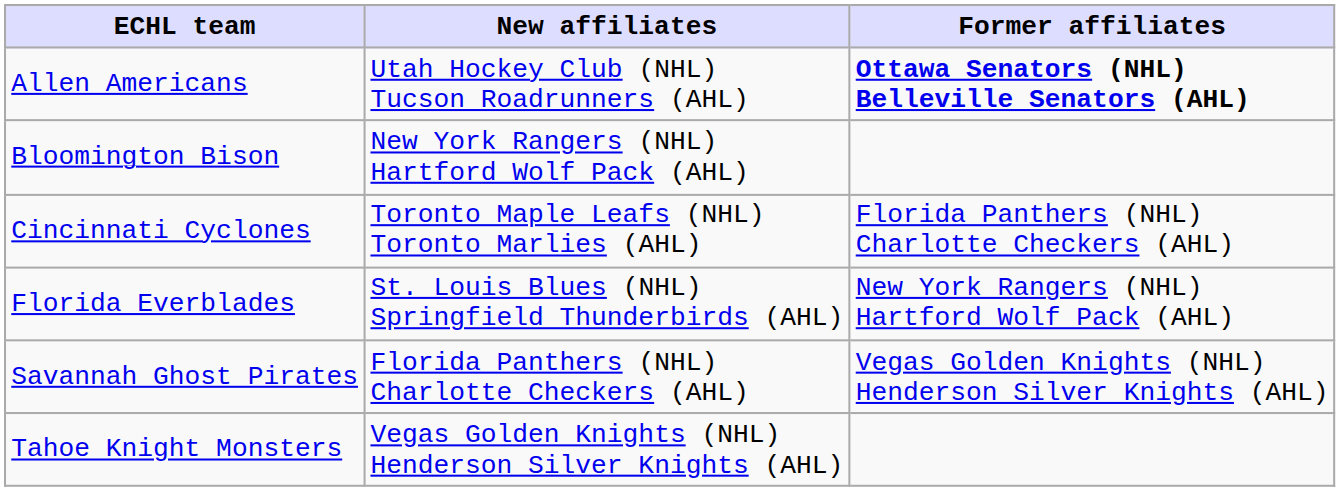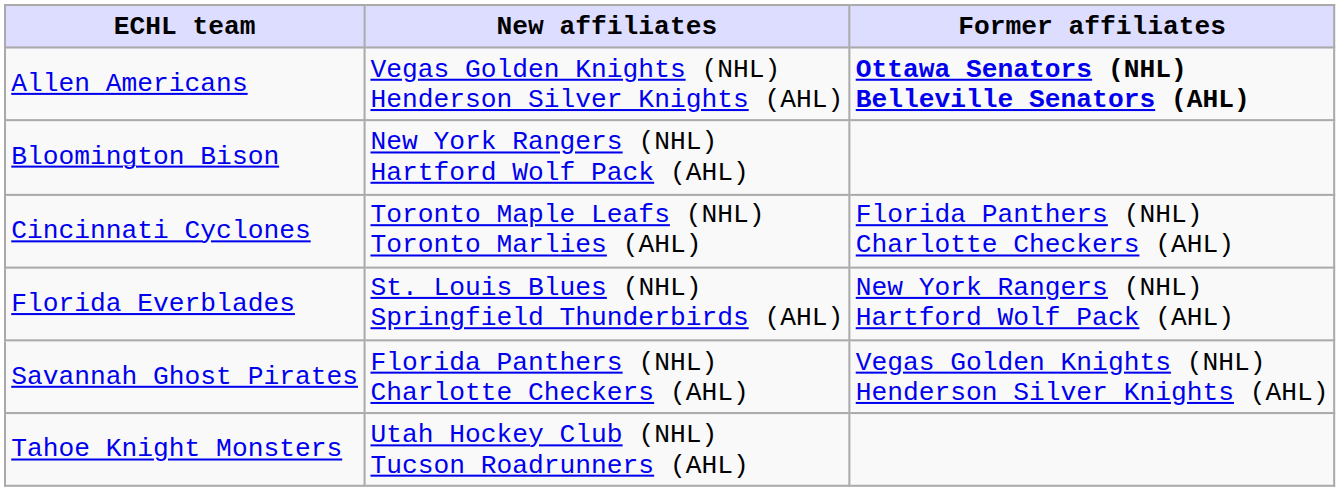 <table class="wikitable">
 <tr>
 <th style="background:#ddf">ECHL team</th>
 <th style="background:#ddf">New affiliates</th>
 <th style="background:#ddf">Former affiliates</th>
 </tr>
 <tr>
 <td><a href='#'>Allen Americans</a></td>
-<td><a href='#'>Utah Hockey Club</a> (NHL)<br> <a href='#'>Tucson Roadrunners</a> (AHL)</td>
+<td><a href='#'>Vegas Golden Knights</a> (NHL)<br> <a href='#'>Henderson Silver Knights</a> (AHL)</td>
 <td><strong><a href='#'>Ottawa Senators</a> (NHL)<br> <a href='#'>Belleville Senators</a> (AHL)</strong></td>
 </tr>
 <tr>
 <td><a href='#'>Bloomington Bison</a></td>
 <td><a href='#'>New York Rangers</a> (NHL)<br> <a href='#'>Hartford Wolf Pack</a> (AHL)</td>
 <td></td>
 </tr>
 <tr>
 <td><a href='#'>Cincinnati Cyclones</a></td>
 <td><a href='#'>Toronto Maple Leafs</a> (NHL)<br> <a href='#'>Toronto Marlies</a> (AHL)</td>
 <td><a href='#'>Florida Panthers</a> (NHL)<br> <a href='#'>Charlotte Checkers</a> (AHL)</td>
 </tr>
 <tr>
 <td><a href='#'>Florida Everblades</a></td>
 <td><a href='#'>St. Louis Blues</a> (NHL)<br> <a href='#'>Springfield Thunderbirds</a> (AHL)</td>
 <td><a href='#'>New York Rangers</a> (NHL)<br> <a href='#'>Hartford Wolf Pack</a> (AHL)</td>
 </tr>
 <tr>
 <td><a href='#'>Savannah Ghost Pirates</a></td>
 <td><a href='#'>Florida Panthers</a> (NHL)<br> <a href='#'>Charlotte Checkers</a> (AHL)</td>
 <td><a href='#'>Vegas Golden Knights</a> (NHL)<br> <a href='#'>Henderson Silver Knights</a> (AHL)</td>
 </tr>
 <tr>
 <td><a href='#'>Tahoe Knight Monsters</a></td>
-<td><a href='#'>Vegas Golden Knights</a> (NHL)<br> <a href='#'>Henderson Silver Knights</a> (AHL)</td>
+<td><a href='#'>Utah Hockey Club</a> (NHL)<br> <a href='#'>Tucson Roadrunners</a> (AHL)</td>
 <td></td>
 </tr>
 </table>
